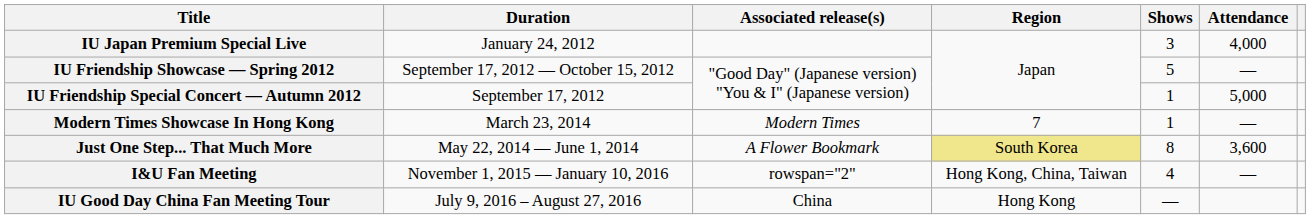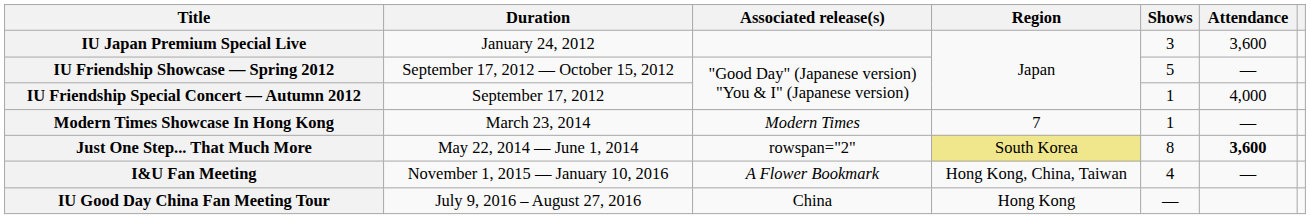 <table class="wikitable sortable plainrowheaders" width="100%" style="text-align: center;">
 <tr>
 <th scope="col">Title</th>
 <th scope="col">Duration</th>
 <th scope="col">Associated release(s)</th>
 <th scope="col">Region</th>
 <th scope="col">Shows</th>
 <th scope="col">Attendance</th>
 <th scope="col" class="unsortable"></th>
 </tr>
 <tr>
 <th scope="row">IU Japan Premium Special Live</th>
 <td>January 24, 2012</td>
 <td></td>
 <td rowspan="3">Japan</td>
 <td>3</td>
-<td>4,000</td>
+<td>3,600</td>
 <td></td>
 </tr>
 <tr>
 <th scope="row">IU Friendship Showcase  — Spring 2012</th>
 <td>September 17, 2012 — October 15, 2012</td>
 <td rowspan="2">"Good Day" (Japanese version)<br>"You & I" (Japanese version)</td>
 <td>5</td>
 <td>—</td>
 <td></td>
 </tr>
 <tr>
 <th scope="row">IU Friendship Special Concert — Autumn 2012</th>
 <td>September 17, 2012</td>
 <td>1</td>
-<td>5,000</td>
+<td>4,000</td>
 <td></td>
 </tr>
 <tr>
 <th scope="row">Modern Times Showcase In Hong Kong</th>
 <td>March 23, 2014</td>
 <td><em>Modern Times</em></td>
 <td>7</td>
 <td>1</td>
 <td>—</td>
 <td></td>
 </tr>
 <tr>
 <th scope="row">Just One Step... That Much More</th>
 <td>May 22, 2014 — June 1, 2014</td>
-<td><em>A Flower Bookmark</em></td>
+<td>rowspan="2" </td>
 <td style="background: khaki;">South Korea</td>
 <td>8</td>
-<td>3,600</td>
+<td><strong>3,600</strong></td>
 <td></td>
 </tr>
 <tr>
 <th scope="row">I&U Fan Meeting</th>
 <td>November 1, 2015 — January 10, 2016</td>
-<td>rowspan="2" </td>
+<td><em>A Flower Bookmark</em></td>
 <td>Hong Kong, China, Taiwan</td>
 <td>4</td>
 <td>—</td>
 <td></td>
 </tr>
 <tr>
 <th scope="row">IU Good Day China Fan Meeting Tour</th>
 <td>July 9, 2016 – August 27, 2016</td>
 <td>China</td>
 <td>Hong Kong</td>
 <td>—</td>
 <td></td>
 </tr>
 </table>
